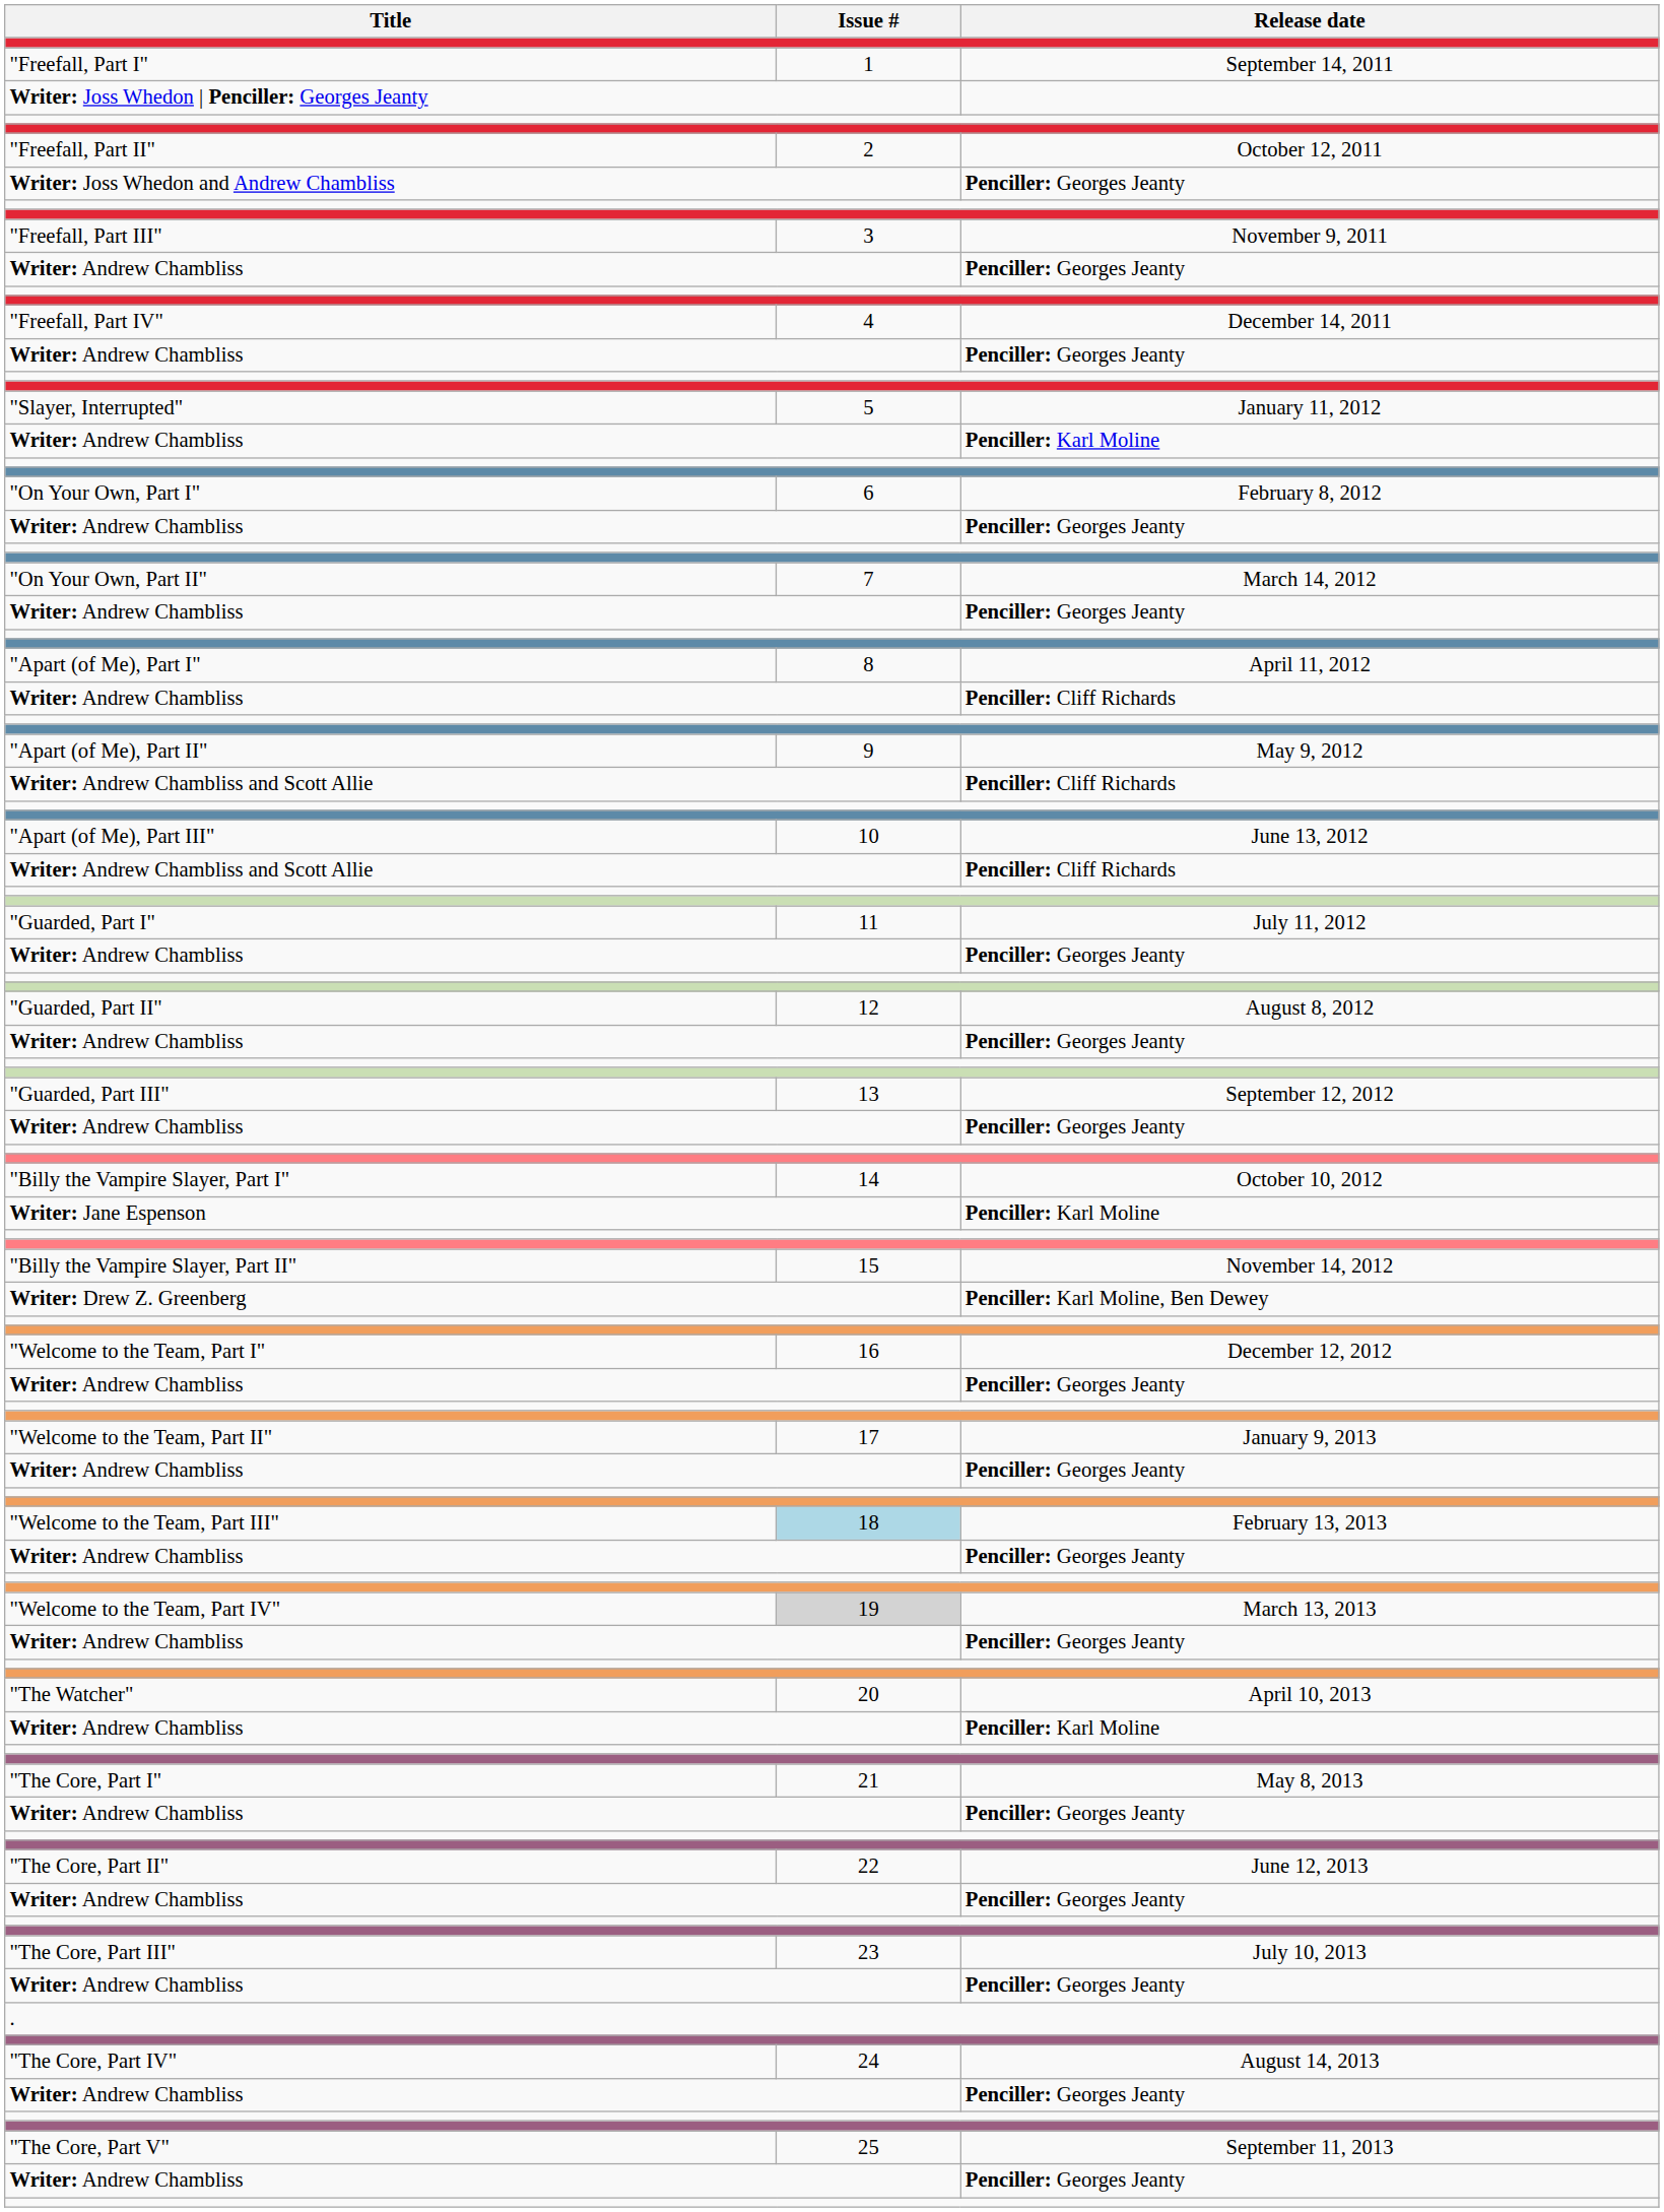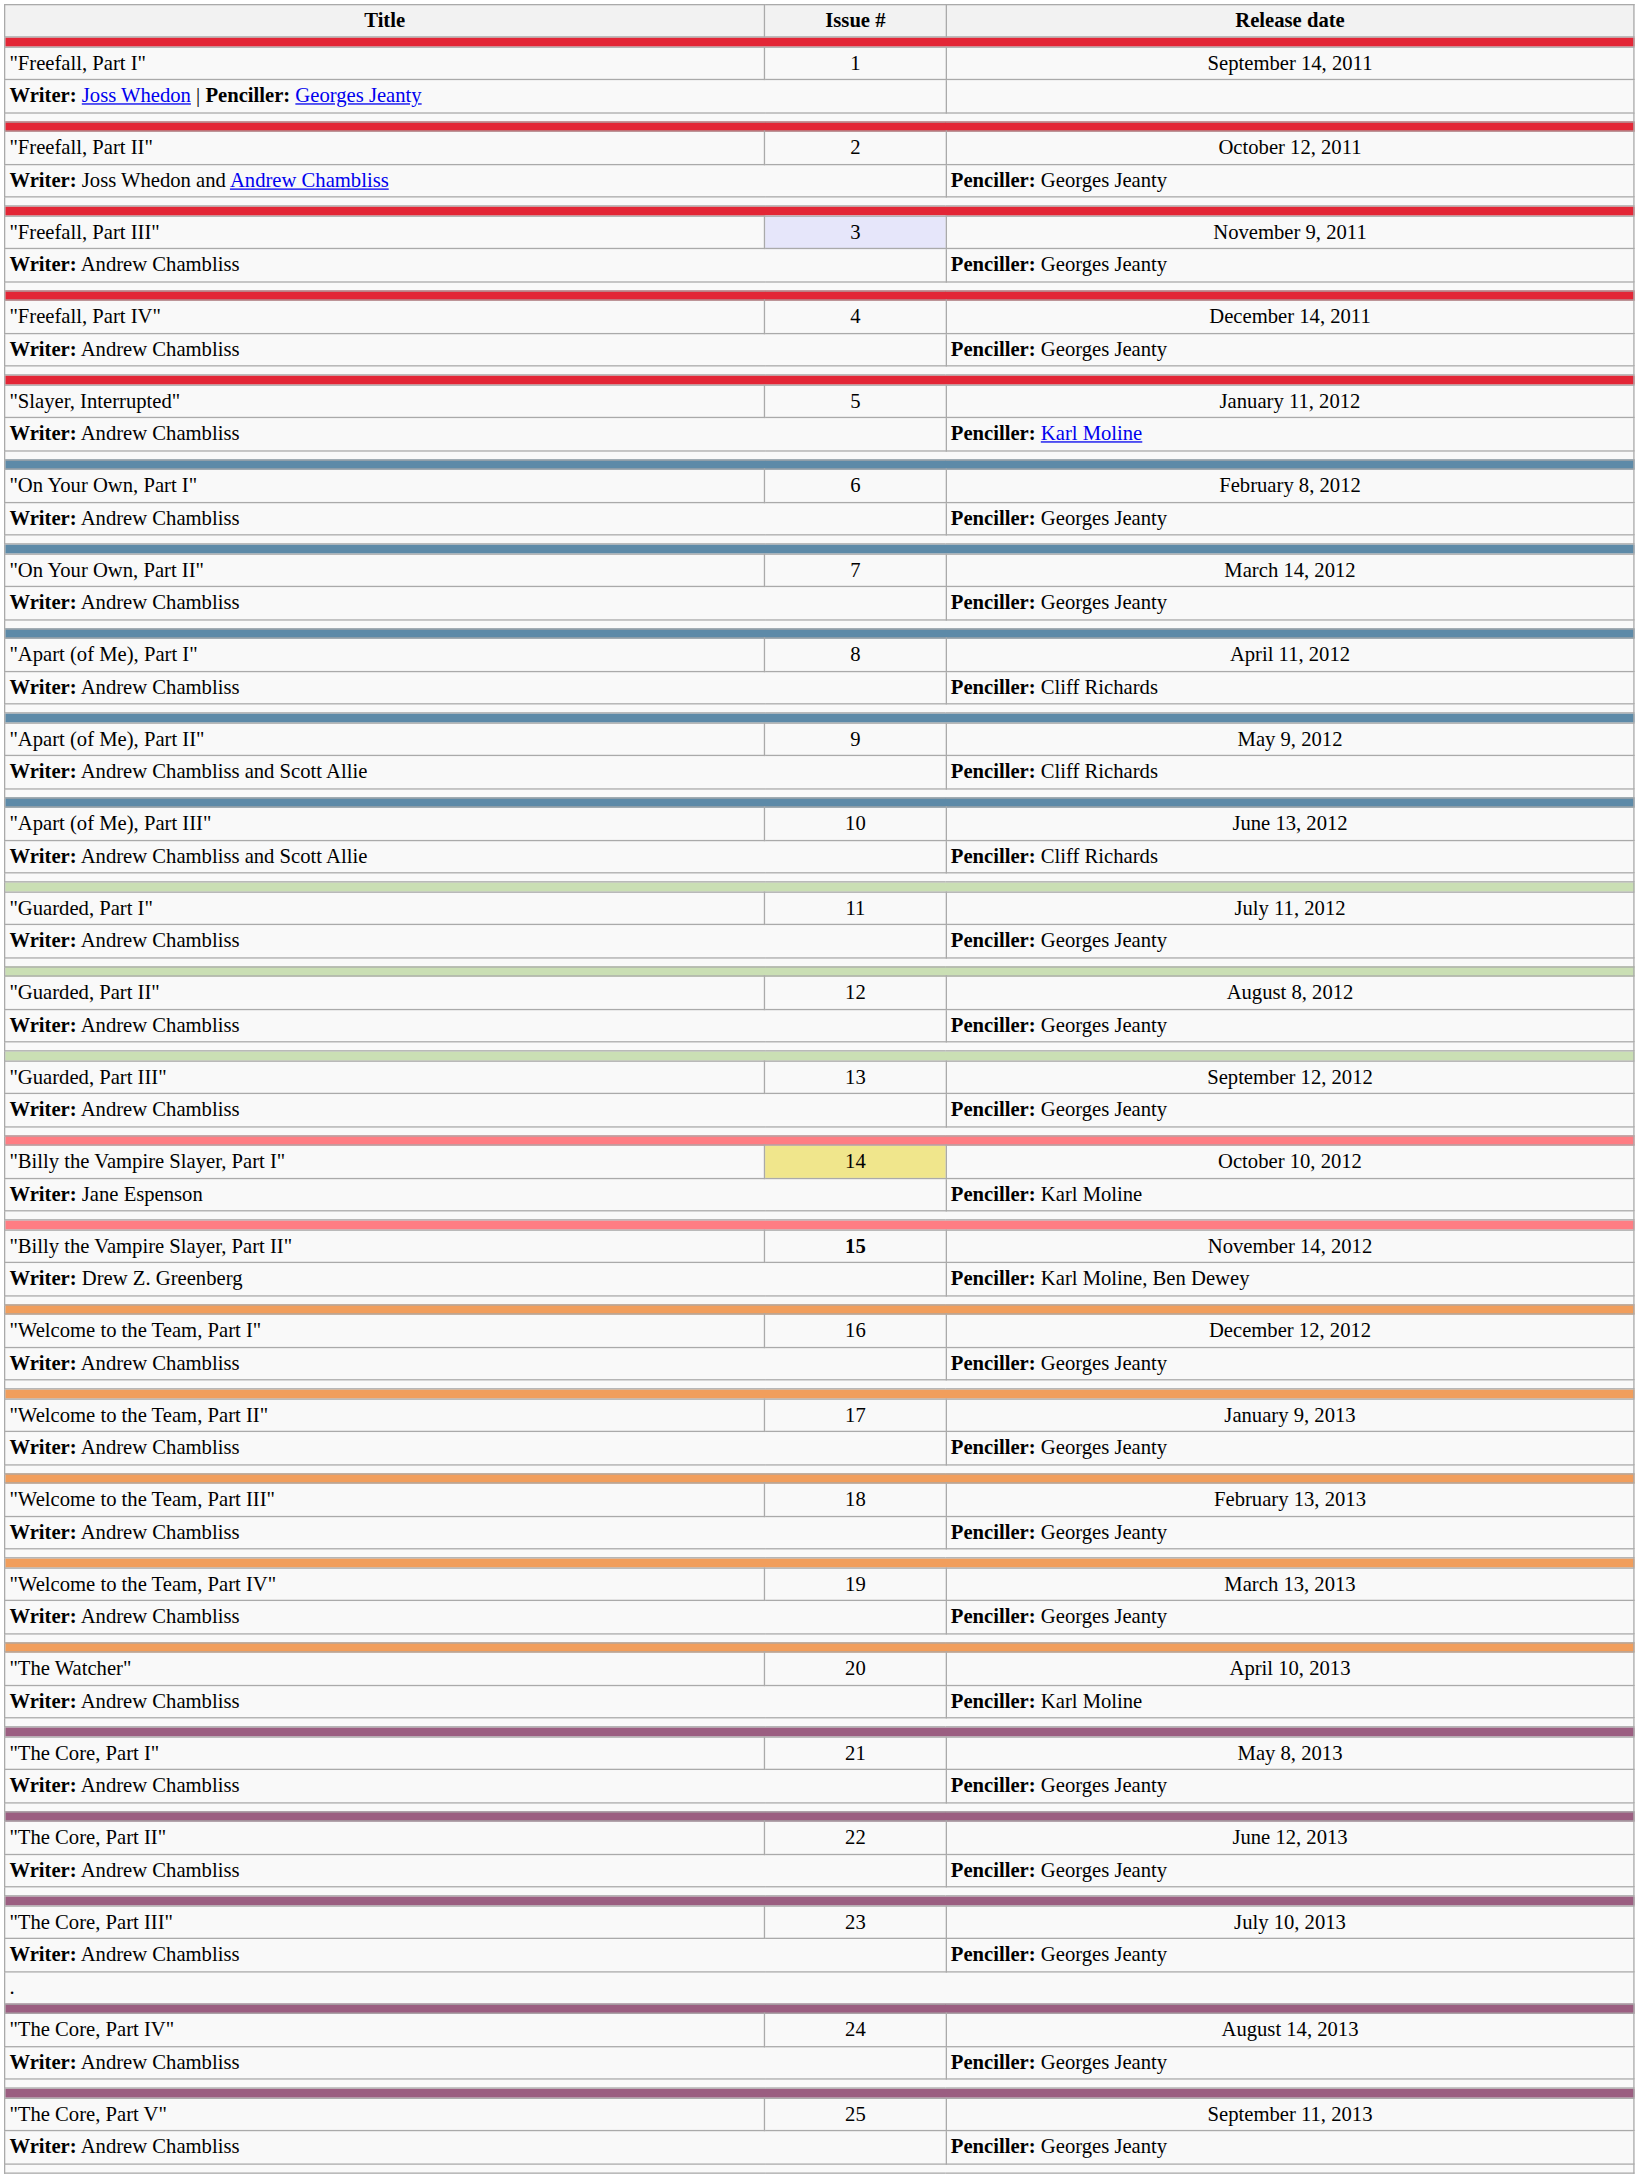 <table class="wikitable" style="width:100%">
 <tr>
 <th>Title</th>
 <th>Issue #</th>
 <th>Release date</th>
 </tr>
 <tr>
 <td colspan="6" style="background:#e32636;"></td>
 </tr>
 <tr>
 <td>"Freefall, Part I"</td>
 <td style="text-align:center;">1</td>
 <td style="text-align:center;">September 14, 2011</td>
 </tr>
 <tr>
 <td colspan="2"><strong>Writer:</strong> <a href='#'>Joss Whedon</a> | <strong>Penciller:</strong> <a href='#'>Georges Jeanty</a></td>
 </tr>
 <tr>
 <td colspan="6"></td>
 </tr>
 <tr>
 <td colspan="6" style="background:#e32636;"></td>
 </tr>
 <tr>
 <td>"Freefall, Part II"</td>
 <td style="text-align:center;">2</td>
 <td style="text-align:center;">October 12, 2011</td>
 </tr>
 <tr>
 <td colspan="2"><strong>Writer:</strong> Joss Whedon and <a href='#'>Andrew Chambliss</a></td>
 <td><strong>Penciller:</strong> Georges Jeanty</td>
 </tr>
 <tr>
 <td colspan="6"></td>
 </tr>
 <tr>
 <td colspan="6" style="background:#e32636;"></td>
 </tr>
 <tr>
 <td>"Freefall, Part III"</td>
-<td style="text-align:center;">3</td>
+<td style="background: lavender; text-align:center;">3</td>
 <td style="text-align:center;">November 9, 2011</td>
 </tr>
 <tr>
 <td colspan="2"><strong>Writer:</strong> Andrew Chambliss</td>
 <td><strong>Penciller:</strong> Georges Jeanty</td>
 </tr>
 <tr>
 <td colspan="6"></td>
 </tr>
 <tr>
 <td colspan="6" style="background:#e32636;"></td>
 </tr>
 <tr>
 <td>"Freefall, Part IV"</td>
 <td style="text-align:center;">4</td>
 <td style="text-align:center;">December 14, 2011</td>
 </tr>
 <tr>
 <td colspan="2"><strong>Writer:</strong> Andrew Chambliss</td>
 <td><strong>Penciller:</strong> Georges Jeanty</td>
 </tr>
 <tr>
 <td colspan="6"></td>
 </tr>
 <tr>
 <td colspan="6" style="background:#e32636;"></td>
 </tr>
 <tr>
 <td>"Slayer, Interrupted"</td>
 <td style="text-align:center;">5</td>
 <td style="text-align:center;">January 11, 2012</td>
 </tr>
 <tr>
 <td colspan="2"><strong>Writer:</strong> Andrew Chambliss</td>
 <td><strong>Penciller:</strong> <a href='#'>Karl Moline</a></td>
 </tr>
 <tr>
 <td colspan="6"></td>
 </tr>
 <tr>
 <td colspan="6" style="background:#5d8aa8;"></td>
 </tr>
 <tr>
 <td>"On Your Own, Part I"</td>
 <td style="text-align:center;">6</td>
 <td style="text-align:center;">February 8, 2012</td>
 </tr>
 <tr>
 <td colspan="2"><strong>Writer:</strong> Andrew Chambliss</td>
 <td><strong>Penciller:</strong> Georges Jeanty</td>
 </tr>
 <tr>
 <td colspan="6"></td>
 </tr>
 <tr>
 <td colspan="6" style="background:#5d8aa8;"></td>
 </tr>
 <tr>
 <td>"On Your Own, Part II"</td>
 <td style="text-align:center;">7</td>
 <td style="text-align:center;">March 14, 2012</td>
 </tr>
 <tr>
 <td colspan="2"><strong>Writer:</strong> Andrew Chambliss</td>
 <td><strong>Penciller:</strong> Georges Jeanty</td>
 </tr>
 <tr>
 <td colspan="6"></td>
 </tr>
 <tr>
 <td colspan="6" style="background:#5d8aa8;"></td>
 </tr>
 <tr>
 <td>"Apart (of Me), Part I"</td>
 <td style="text-align:center;">8</td>
 <td style="text-align:center;">April 11, 2012</td>
 </tr>
 <tr>
 <td colspan="2"><strong>Writer:</strong> Andrew Chambliss</td>
 <td><strong>Penciller:</strong> Cliff Richards</td>
 </tr>
 <tr>
 <td colspan="6"></td>
 </tr>
 <tr>
 <td colspan="6" style="background:#5d8aa8;"></td>
 </tr>
 <tr>
 <td>"Apart (of Me), Part II"</td>
 <td style="text-align:center;">9</td>
 <td style="text-align:center;">May 9, 2012</td>
 </tr>
 <tr>
 <td colspan="2"><strong>Writer:</strong> Andrew Chambliss and Scott Allie</td>
 <td><strong>Penciller:</strong> Cliff Richards</td>
 </tr>
 <tr>
 <td colspan="6"></td>
 </tr>
 <tr>
 <td colspan="6" style="background:#5d8aa8;"></td>
 </tr>
 <tr>
 <td>"Apart (of Me), Part III"</td>
 <td style="text-align:center;">10</td>
 <td style="text-align:center;">June 13, 2012</td>
 </tr>
 <tr>
 <td colspan="2"><strong>Writer:</strong> Andrew Chambliss and Scott Allie</td>
 <td><strong>Penciller:</strong> Cliff Richards</td>
 </tr>
 <tr>
 <td colspan="6"></td>
 </tr>
 <tr>
 <td colspan="6" style="background:#cadfb4;"></td>
 </tr>
 <tr>
 <td>"Guarded, Part I"</td>
 <td style="text-align:center;">11</td>
 <td style="text-align:center;">July 11, 2012</td>
 </tr>
 <tr>
 <td colspan="2"><strong>Writer:</strong> Andrew Chambliss</td>
 <td><strong>Penciller:</strong> Georges Jeanty</td>
 </tr>
 <tr>
 <td colspan="6"></td>
 </tr>
 <tr>
 <td colspan="6" style="background:#cadfb4;"></td>
 </tr>
 <tr>
 <td>"Guarded, Part II"</td>
 <td style="text-align:center;">12</td>
 <td style="text-align:center;">August 8, 2012</td>
 </tr>
 <tr>
 <td colspan="2"><strong>Writer:</strong> Andrew Chambliss</td>
 <td><strong>Penciller:</strong> Georges Jeanty</td>
 </tr>
 <tr>
 <td colspan="6"></td>
 </tr>
 <tr>
 <td colspan="6" style="background:#cadfb4;"></td>
 </tr>
 <tr>
 <td>"Guarded, Part III"</td>
 <td style="text-align:center;">13</td>
 <td style="text-align:center;">September 12, 2012</td>
 </tr>
 <tr>
 <td colspan="2"><strong>Writer:</strong> Andrew Chambliss</td>
 <td><strong>Penciller:</strong> Georges Jeanty</td>
 </tr>
 <tr>
 <td colspan="6"></td>
 </tr>
 <tr>
 <td colspan="6" style="background:#ff7d83;"></td>
 </tr>
 <tr>
 <td>"Billy the Vampire Slayer, Part I"</td>
-<td style="text-align:center;">14</td>
+<td style="background: khaki; text-align:center;">14</td>
 <td style="text-align:center;">October 10, 2012</td>
 </tr>
 <tr>
 <td colspan="2"><strong>Writer:</strong> Jane Espenson</td>
 <td><strong>Penciller:</strong> Karl Moline</td>
 </tr>
 <tr>
 <td colspan="6"></td>
 </tr>
 <tr>
 <td colspan="6" style="background:#ff7d83;"></td>
 </tr>
 <tr>
 <td>"Billy the Vampire Slayer, Part II"</td>
-<td style="text-align:center;">15</td>
+<td style="text-align:center;"><strong>15</strong></td>
 <td style="text-align:center;">November 14, 2012</td>
 </tr>
 <tr>
 <td colspan="2"><strong>Writer:</strong> Drew Z. Greenberg</td>
 <td><strong>Penciller:</strong> Karl Moline, Ben Dewey</td>
 </tr>
 <tr>
 <td colspan="6"></td>
 </tr>
 <tr>
 <td colspan="6" style="background:#f19e5c;"></td>
 </tr>
 <tr>
 <td>"Welcome to the Team, Part I"</td>
 <td style="text-align:center;">16</td>
 <td style="text-align:center;">December 12, 2012</td>
 </tr>
 <tr>
 <td colspan="2"><strong>Writer:</strong> Andrew Chambliss</td>
 <td><strong>Penciller:</strong> Georges Jeanty</td>
 </tr>
 <tr>
 <td colspan="6"></td>
 </tr>
 <tr>
 <td colspan="6" style="background:#f19e5c;"></td>
 </tr>
 <tr>
 <td>"Welcome to the Team, Part II"</td>
 <td style="text-align:center;">17</td>
 <td style="text-align:center;">January 9, 2013</td>
 </tr>
 <tr>
 <td colspan="2"><strong>Writer:</strong> Andrew Chambliss</td>
 <td><strong>Penciller:</strong> Georges Jeanty</td>
 </tr>
 <tr>
 <td colspan="6"></td>
 </tr>
 <tr>
 <td colspan="6" style="background:#f19e5c;"></td>
 </tr>
 <tr>
 <td>"Welcome to the Team, Part III"</td>
-<td style="background: lightblue; text-align:center;">18</td>
+<td style="text-align:center;">18</td>
 <td style="text-align:center;">February 13, 2013</td>
 </tr>
 <tr>
 <td colspan="2"><strong>Writer:</strong> Andrew Chambliss</td>
 <td><strong>Penciller:</strong> Georges Jeanty</td>
 </tr>
 <tr>
 <td colspan="6"></td>
 </tr>
 <tr>
 <td colspan="6" style="background:#f19e5c;"></td>
 </tr>
 <tr>
 <td>"Welcome to the Team, Part IV"</td>
-<td style="background: lightgrey; text-align:center;">19</td>
+<td style="text-align:center;">19</td>
 <td style="text-align:center;">March 13, 2013</td>
 </tr>
 <tr>
 <td colspan="2"><strong>Writer:</strong> Andrew Chambliss</td>
 <td><strong>Penciller:</strong> Georges Jeanty</td>
 </tr>
 <tr>
 <td colspan="6"></td>
 </tr>
 <tr>
 <td colspan="6" style="background:#f19e5c;"></td>
 </tr>
 <tr>
 <td>"The Watcher"</td>
 <td style="text-align:center;">20</td>
 <td style="text-align:center;">April 10, 2013</td>
 </tr>
 <tr>
 <td colspan="2"><strong>Writer:</strong> Andrew Chambliss</td>
 <td><strong>Penciller:</strong> Karl Moline</td>
 </tr>
 <tr>
 <td colspan="6"></td>
 </tr>
 <tr>
 <td colspan="6" style="background:#9b5e81;"></td>
 </tr>
 <tr>
 <td>"The Core, Part I"</td>
 <td style="text-align:center;">21</td>
 <td style="text-align:center;">May 8, 2013</td>
 </tr>
 <tr>
 <td colspan="2"><strong>Writer:</strong> Andrew Chambliss</td>
 <td><strong>Penciller:</strong> Georges Jeanty</td>
 </tr>
 <tr>
 <td colspan="6"></td>
 </tr>
 <tr>
 <td colspan="6" style="background:#9b5e81;"></td>
 </tr>
 <tr>
 <td>"The Core, Part II"</td>
 <td style="text-align:center;">22</td>
 <td style="text-align:center;">June 12, 2013</td>
 </tr>
 <tr>
 <td colspan="2"><strong>Writer:</strong> Andrew Chambliss</td>
 <td><strong>Penciller:</strong> Georges Jeanty</td>
 </tr>
 <tr>
 <td colspan="6"></td>
 </tr>
 <tr>
 <td colspan="6" style="background:#9b5e81;"></td>
 </tr>
 <tr>
 <td>"The Core, Part III"</td>
 <td style="text-align:center;">23</td>
 <td style="text-align:center;">July 10, 2013</td>
 </tr>
 <tr>
 <td colspan="2"><strong>Writer:</strong> Andrew Chambliss</td>
 <td><strong>Penciller:</strong> Georges Jeanty</td>
 </tr>
 <tr>
 <td colspan="6">.</td>
 </tr>
 <tr>
 <td colspan="6" style="background:#9b5e81;"></td>
 </tr>
 <tr>
 <td>"The Core, Part IV"</td>
 <td style="text-align:center;">24</td>
 <td style="text-align:center;">August 14, 2013</td>
 </tr>
 <tr>
 <td colspan="2"><strong>Writer:</strong> Andrew Chambliss</td>
 <td><strong>Penciller:</strong> Georges Jeanty</td>
 </tr>
 <tr>
 <td colspan="6"></td>
 </tr>
 <tr>
 <td colspan="6" style="background:#9b5e81;"></td>
 </tr>
 <tr>
 <td>"The Core, Part V"</td>
 <td style="text-align:center;">25</td>
 <td style="text-align:center;">September 11, 2013</td>
 </tr>
 <tr>
 <td colspan="2"><strong>Writer:</strong> Andrew Chambliss</td>
 <td><strong>Penciller:</strong> Georges Jeanty</td>
 </tr>
 <tr>
 <td colspan="6"></td>
 </tr>
 </table>
